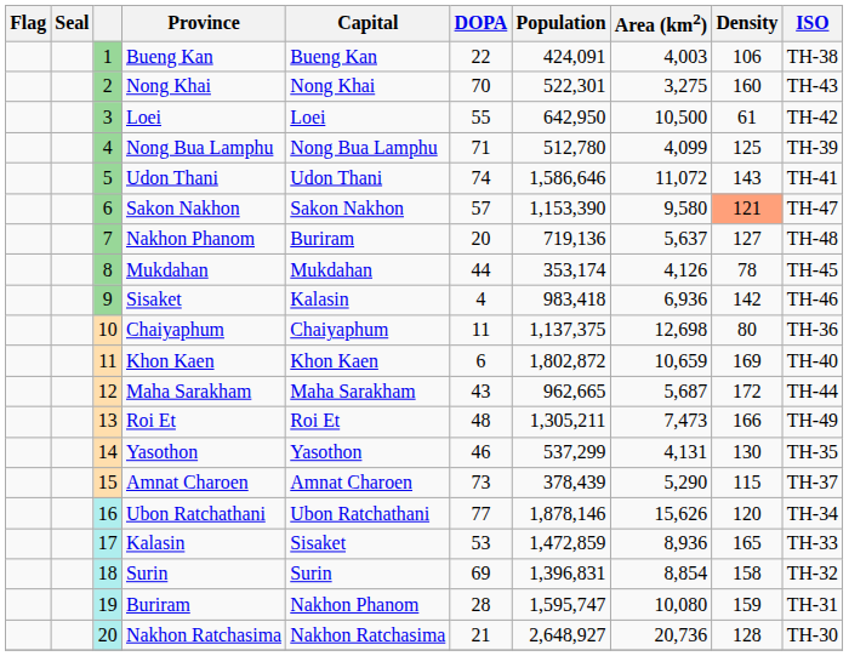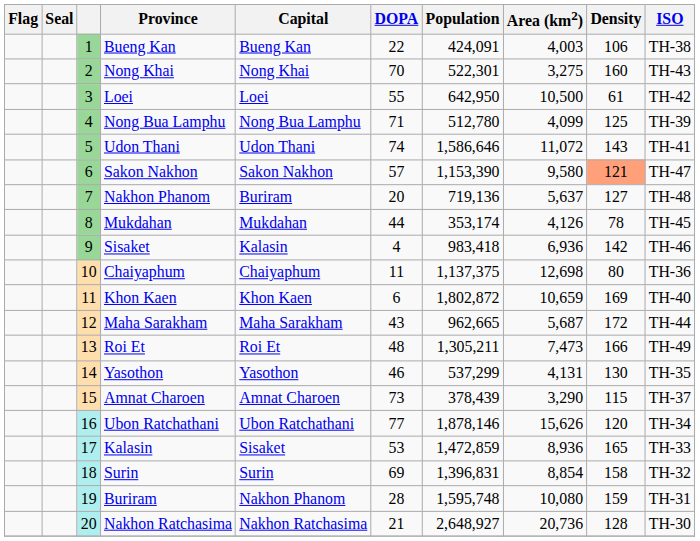 <table class="wikitable sortable">
 <tr>
 <th class="unsortable">Flag</th>
 <th class="unsortable">Seal</th>
 <th></th>
 <th>Province</th>
 <th>Capital</th>
 <th><a href='#'>DOPA</a></th>
 <th>Population</th>
 <th>Area (km<sup>2</sup>)</th>
 <th>Density</th>
 <th><a href='#'>ISO</a></th>
 </tr>
 <tr>
 <td></td>
 <td></td>
 <td style="background:#98d798;text-align:center;">1</td>
 <td><a href='#'>Bueng Kan</a></td>
 <td><a href='#'>Bueng Kan</a></td>
 <td style="text-align:center;">22</td>
 <td style="text-align:right;">424,091</td>
 <td style="text-align:right;">4,003</td>
 <td style="text-align:center;">106</td>
 <td>TH-38</td>
 </tr>
 <tr>
 <td></td>
 <td></td>
 <td style="background:#98d798; text-align:center;">2</td>
 <td><a href='#'>Nong Khai</a></td>
 <td><a href='#'>Nong Khai</a></td>
 <td style="text-align:center;">70</td>
 <td style="text-align:right;">522,301</td>
 <td style="text-align:right;">3,275</td>
 <td style="text-align:center;">160</td>
 <td>TH-43</td>
 </tr>
 <tr>
 <td></td>
 <td></td>
 <td style="background:#98d798;text-align:center;">3</td>
 <td><a href='#'>Loei</a></td>
 <td><a href='#'>Loei</a></td>
 <td style="text-align:center;">55</td>
 <td style="text-align:right;">642,950</td>
 <td style="text-align:right;">10,500</td>
 <td style="text-align:center;">61</td>
 <td>TH-42</td>
 </tr>
 <tr>
 <td></td>
 <td></td>
 <td style="background:#98d798;text-align:center;">4</td>
 <td><a href='#'>Nong Bua Lamphu</a></td>
 <td><a href='#'>Nong Bua Lamphu</a></td>
 <td style="text-align:center;">71</td>
 <td style="text-align:right;">512,780</td>
 <td style="text-align:right;">4,099</td>
 <td style="text-align:center;">125</td>
 <td>TH-39</td>
 </tr>
 <tr>
 <td></td>
 <td></td>
 <td style="background:#98d798; text-align:center;">5</td>
 <td><a href='#'>Udon Thani</a></td>
 <td><a href='#'>Udon Thani</a></td>
 <td style="text-align:center;">74</td>
 <td style="text-align:right;">1,586,646</td>
 <td style="text-align:right;">11,072</td>
 <td style="text-align:center;">143</td>
 <td>TH-41</td>
 </tr>
 <tr>
 <td></td>
 <td></td>
 <td style="background:#98d798;text-align:center;">6</td>
 <td><a href='#'>Sakon Nakhon</a></td>
 <td><a href='#'>Sakon Nakhon</a></td>
 <td style="text-align:center;">57</td>
 <td style="text-align:right;">1,153,390</td>
 <td style="text-align:right;">9,580</td>
 <td style="background: lightsalmon; text-align:center;">121</td>
 <td>TH-47</td>
 </tr>
 <tr>
 <td></td>
 <td></td>
 <td style="background:#98d798;text-align:center;">7</td>
 <td><a href='#'>Nakhon Phanom</a></td>
 <td><a href='#'>Buriram</a></td>
 <td style="text-align:center;">20</td>
 <td style="text-align:right;">719,136</td>
 <td style="text-align:right;">5,637</td>
 <td style="text-align:center;">127</td>
 <td>TH-48</td>
 </tr>
 <tr>
 <td></td>
 <td></td>
 <td style="background:#98d798;text-align:center;">8</td>
 <td><a href='#'>Mukdahan</a></td>
 <td><a href='#'>Mukdahan</a></td>
 <td style="text-align:center;">44</td>
 <td style="text-align:right;">353,174</td>
 <td style="text-align:right;">4,126</td>
 <td style="text-align:center;">78</td>
 <td>TH-45</td>
 </tr>
 <tr>
 <td></td>
 <td></td>
 <td style="background:#98d798;text-align:center;">9</td>
 <td><a href='#'>Sisaket</a></td>
 <td><a href='#'>Kalasin</a></td>
 <td style="text-align:center;">4</td>
 <td style="text-align:right;">983,418</td>
 <td style="text-align:right;">6,936</td>
 <td style="text-align:center;">142</td>
 <td>TH-46</td>
 </tr>
 <tr>
 <td></td>
 <td></td>
 <td style="background:#ffdead;text-align:center;">10</td>
 <td><a href='#'>Chaiyaphum</a></td>
 <td><a href='#'>Chaiyaphum</a></td>
 <td style="text-align:center;">11</td>
 <td style="text-align:right;">1,137,375</td>
 <td style="text-align:right;">12,698</td>
 <td style="text-align:center;">80</td>
 <td>TH-36</td>
 </tr>
 <tr>
 <td></td>
 <td></td>
 <td style="background:#ffdead;text-align:center;">11</td>
 <td><a href='#'>Khon Kaen</a></td>
 <td><a href='#'>Khon Kaen</a></td>
 <td style="text-align:center;">6</td>
 <td style="text-align:right;">1,802,872</td>
 <td style="text-align:right;">10,659</td>
 <td style="text-align:center;">169</td>
 <td>TH-40</td>
 </tr>
 <tr>
 <td></td>
 <td></td>
 <td style="background:#ffdead;text-align:center;">12</td>
 <td><a href='#'>Maha Sarakham</a></td>
 <td><a href='#'>Maha Sarakham</a></td>
 <td style="text-align:center;">43</td>
 <td style="text-align:right;">962,665</td>
 <td style="text-align:right;">5,687</td>
 <td style="text-align:center;">172</td>
 <td>TH-44</td>
 </tr>
 <tr>
 <td></td>
 <td></td>
 <td style="background:#ffdead;text-align:center;">13</td>
 <td><a href='#'>Roi Et</a></td>
 <td><a href='#'>Roi Et</a></td>
 <td style="text-align:center;">48</td>
 <td style="text-align:right;">1,305,211</td>
 <td style="text-align:right;">7,473</td>
 <td style="text-align:center;">166</td>
 <td>TH-49</td>
 </tr>
 <tr>
 <td></td>
 <td></td>
 <td style="background:#ffdead;text-align:center;">14</td>
 <td><a href='#'>Yasothon</a></td>
 <td><a href='#'>Yasothon</a></td>
 <td style="text-align:center;">46</td>
 <td style="text-align:right;">537,299</td>
 <td style="text-align:right;">4,131</td>
 <td style="text-align:center;">130</td>
 <td>TH-35</td>
 </tr>
 <tr>
 <td></td>
 <td></td>
 <td style="background:#ffdead;text-align:center;">15</td>
 <td><a href='#'>Amnat Charoen</a></td>
 <td><a href='#'>Amnat Charoen</a></td>
 <td style="text-align:center;">73</td>
 <td style="text-align:right;">378,439</td>
-<td style="text-align:right;">5,290</td>
+<td style="text-align:right;">3,290</td>
 <td style="text-align:center;">115</td>
 <td>TH-37</td>
 </tr>
 <tr>
 <td></td>
 <td></td>
 <td style="background:#afeeee;text-align:center;">16</td>
 <td><a href='#'>Ubon Ratchathani</a></td>
 <td><a href='#'>Ubon Ratchathani</a></td>
 <td style="text-align:center;">77</td>
 <td style="text-align:right;">1,878,146</td>
 <td style="text-align:right;">15,626</td>
 <td style="text-align:center;">120</td>
 <td>TH-34</td>
 </tr>
 <tr>
 <td></td>
 <td></td>
 <td style="background:#afeeee;text-align:center;">17</td>
 <td><a href='#'>Kalasin</a></td>
 <td><a href='#'>Sisaket</a></td>
 <td style="text-align:center;">53</td>
 <td style="text-align:right;">1,472,859</td>
 <td style="text-align:right;">8,936</td>
 <td style="text-align:center;">165</td>
 <td>TH-33</td>
 </tr>
 <tr>
 <td></td>
 <td></td>
 <td style="background:#afeeee;text-align:center;">18</td>
 <td><a href='#'>Surin</a></td>
 <td><a href='#'>Surin</a></td>
 <td style="text-align:center;">69</td>
 <td style="text-align:right;">1,396,831</td>
 <td style="text-align:right;">8,854</td>
 <td style="text-align:center;">158</td>
 <td>TH-32</td>
 </tr>
 <tr>
 <td></td>
 <td></td>
 <td style="background:#afeeee;text-align:center;">19</td>
 <td><a href='#'>Buriram</a></td>
 <td><a href='#'>Nakhon Phanom</a></td>
 <td style="text-align:center;">28</td>
-<td style="text-align:right;">1,595,747</td>
+<td style="text-align:right;">1,595,748</td>
 <td style="text-align:right;">10,080</td>
 <td style="text-align:center;">159</td>
 <td>TH-31</td>
 </tr>
 <tr>
 <td></td>
 <td></td>
 <td style="background:#afeeee;text-align:center;">20</td>
 <td><a href='#'>Nakhon Ratchasima</a></td>
 <td><a href='#'>Nakhon Ratchasima</a></td>
 <td style="text-align:center;">21</td>
 <td style="text-align:right;">2,648,927</td>
 <td style="text-align:right;">20,736</td>
 <td style="text-align:center;">128</td>
 <td>TH-30</td>
 </tr>
 <tr>
 </tr>
 </table>
